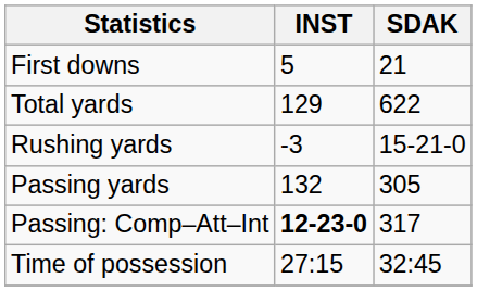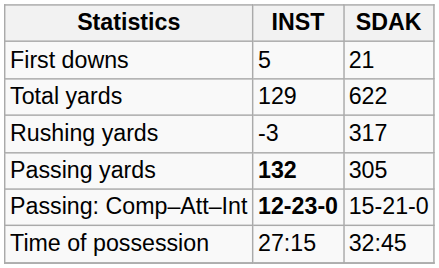 <table class="wikitable" style="float: left;">
 <tr>
 <th>Statistics</th>
 <th>INST</th>
 <th>SDAK</th>
 </tr>
 <tr>
 <td>First downs</td>
 <td>5</td>
 <td>21</td>
 </tr>
 <tr>
 <td>Total yards</td>
 <td>129</td>
 <td>622</td>
 </tr>
 <tr>
 <td>Rushing yards</td>
 <td>-3</td>
-<td>15-21-0</td>
+<td>317</td>
 </tr>
 <tr>
 <td>Passing yards</td>
-<td>132</td>
+<td><strong>132</strong></td>
 <td>305</td>
 </tr>
 <tr>
 <td>Passing: Comp–Att–Int</td>
 <td><strong>12-23-0</strong></td>
-<td>317</td>
+<td>15-21-0</td>
 </tr>
 <tr>
 <td>Time of possession</td>
 <td>27:15</td>
 <td>32:45</td>
 </tr>
 <tr>
 </tr>
 </table>
